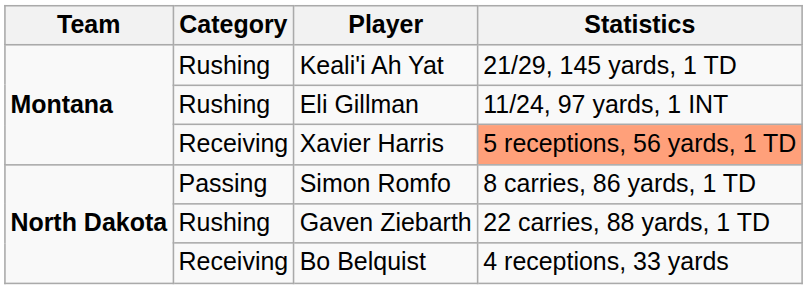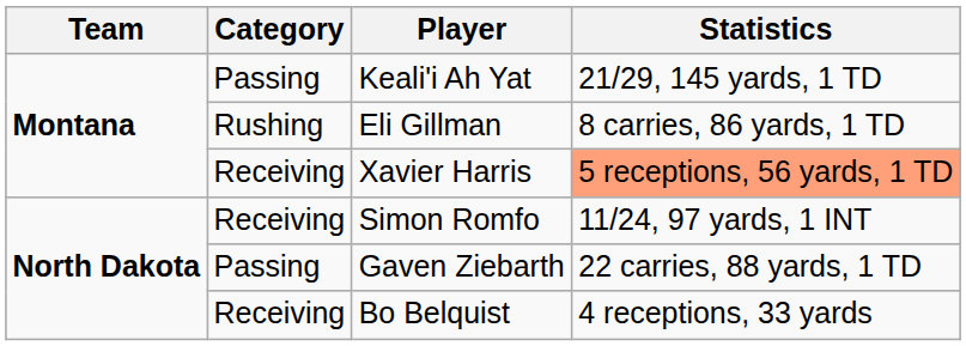 <table class="wikitable" style="float: right;">
 <tr>
 <th>Team</th>
 <th>Category</th>
 <th>Player</th>
 <th>Statistics</th>
 </tr>
 <tr>
 <td rowspan=3><strong>Montana</strong></td>
-<td>Rushing</td>
+<td>Passing</td>
 <td>Keali'i Ah Yat</td>
 <td>21/29, 145 yards, 1 TD</td>
 </tr>
 <tr>
 <td>Rushing</td>
 <td>Eli Gillman</td>
-<td>11/24, 97 yards, 1 INT</td>
+<td>8 carries, 86 yards, 1 TD</td>
 </tr>
 <tr>
 <td>Receiving</td>
 <td>Xavier Harris</td>
 <td style="background: lightsalmon;">5 receptions, 56 yards, 1 TD</td>
 </tr>
 <tr>
 <td rowspan=3><strong>North Dakota</strong></td>
-<td>Passing</td>
+<td>Receiving</td>
 <td>Simon Romfo</td>
-<td>8 carries, 86 yards, 1 TD</td>
+<td>11/24, 97 yards, 1 INT</td>
 </tr>
 <tr>
-<td>Rushing</td>
+<td>Passing</td>
 <td>Gaven Ziebarth</td>
 <td>22 carries, 88 yards, 1 TD</td>
 </tr>
 <tr>
 <td>Receiving</td>
 <td>Bo Belquist</td>
 <td>4 receptions, 33 yards</td>
 </tr>
 </table>
